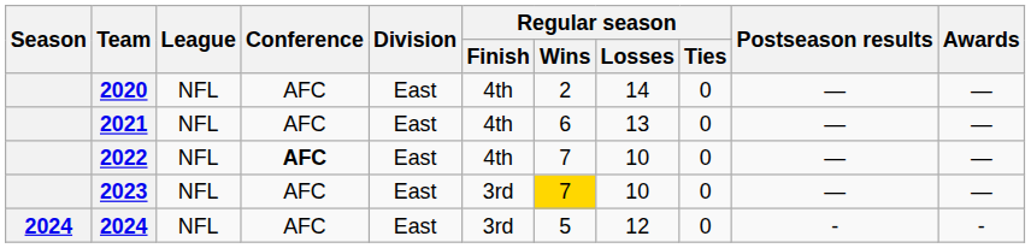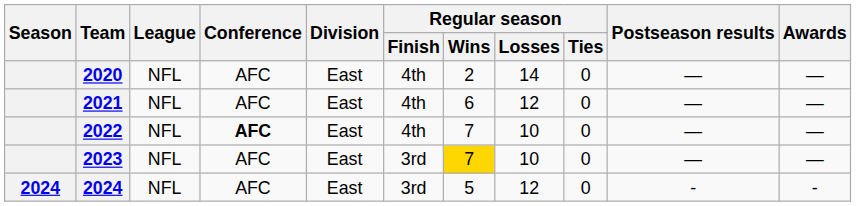 <table class="wikitable" style="font-size:95%; text-align:center;">
 <tr>
 <th rowspan="2">Season</th>
 <th rowspan="2">Team</th>
 <th rowspan="2">League</th>
 <th rowspan="2">Conference</th>
 <th rowspan="2">Division</th>
 <th colspan="4">Regular season</th>
 <th rowspan="2">Postseason results</th>
 <th rowspan="2">Awards</th>
 </tr>
 <tr>
 <th>Finish</th>
 <th>Wins</th>
 <th>Losses</th>
 <th>Ties</th>
 </tr>
 <tr>
 <th></th>
 <th><a href='#'>2020</a></th>
 <td>NFL</td>
 <td>AFC</td>
 <td>East</td>
 <td>4th</td>
 <td>2</td>
 <td>14</td>
 <td>0</td>
 <td>—</td>
 <td>—</td>
 </tr>
 <tr>
 <th></th>
 <th><a href='#'>2021</a></th>
 <td>NFL</td>
 <td>AFC</td>
 <td>East</td>
 <td>4th</td>
 <td>6</td>
-<td>13</td>
+<td>12</td>
 <td>0</td>
 <td>—</td>
 <td>—</td>
 </tr>
 <tr>
 <th></th>
 <th><a href='#'>2022</a></th>
 <td>NFL</td>
 <td><strong>AFC</strong></td>
 <td>East</td>
 <td>4th</td>
 <td>7</td>
 <td>10</td>
 <td>0</td>
 <td>—</td>
 <td>—</td>
 </tr>
 <tr>
 <th></th>
 <th><a href='#'>2023</a></th>
 <td>NFL</td>
 <td>AFC</td>
 <td>East</td>
 <td>3rd</td>
 <td style="background: gold;">7</td>
 <td>10</td>
 <td>0</td>
 <td>—</td>
 <td>—</td>
 </tr>
 <tr>
 <th><a href='#'>2024</a></th>
 <th><a href='#'>2024</a></th>
 <td>NFL</td>
 <td>AFC</td>
 <td>East</td>
 <td>3rd</td>
 <td>5</td>
 <td>12</td>
 <td>0</td>
 <td>-</td>
 <td>-</td>
 </tr>
 </table>
